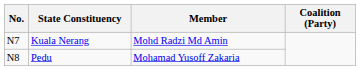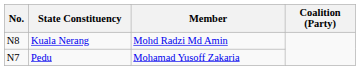 <table class="wikitable">
 <tr>
 <th width="30">No.</th>
 <th width="150">State Constituency</th>
 <th width="230">Member</th>
 <th width="100">Coalition (Party)</th>
 </tr>
 <tr>
-<td>N7</td>
+<td>N8</td>
 <td><a href='#'>Kuala Nerang</a></td>
 <td><a href='#'>Mohd Radzi Md Amin</a></td>
 <td rowspan=2></td>
 </tr>
 <tr>
-<td>N8</td>
+<td>N7</td>
 <td><a href='#'>Pedu</a></td>
 <td><a href='#'>Mohamad Yusoff Zakaria</a></td>
 </tr>
 </table>
